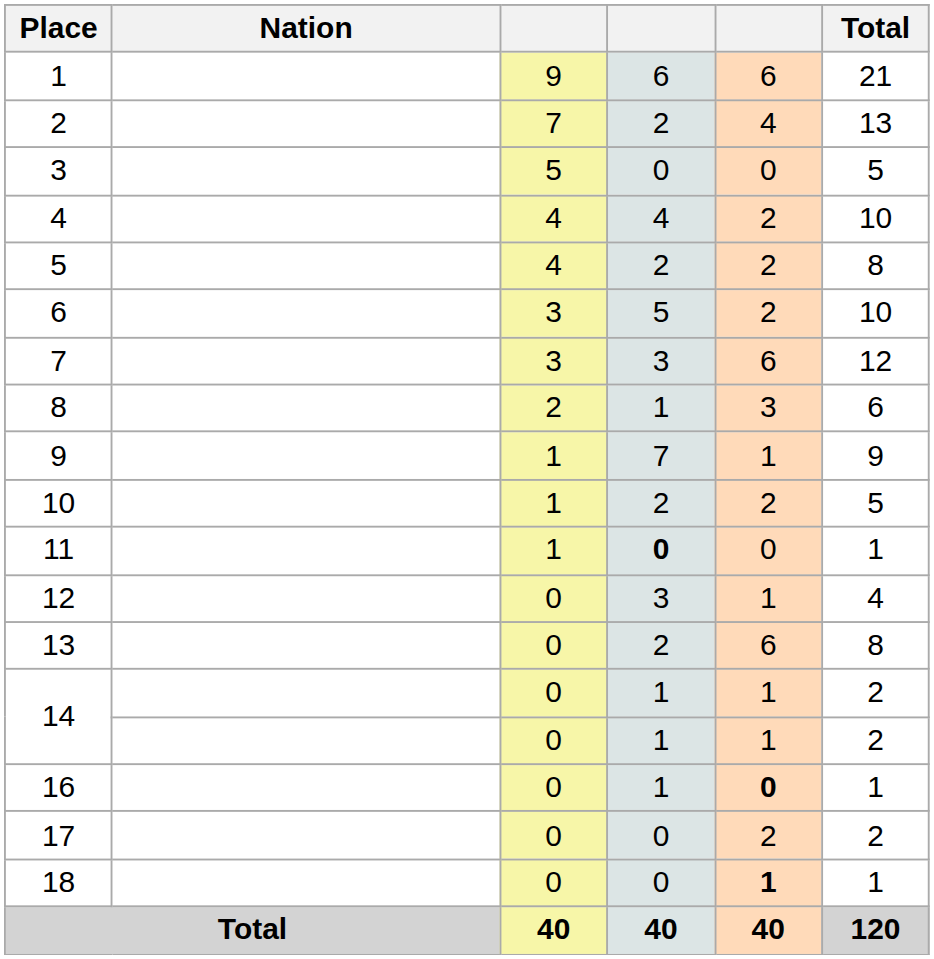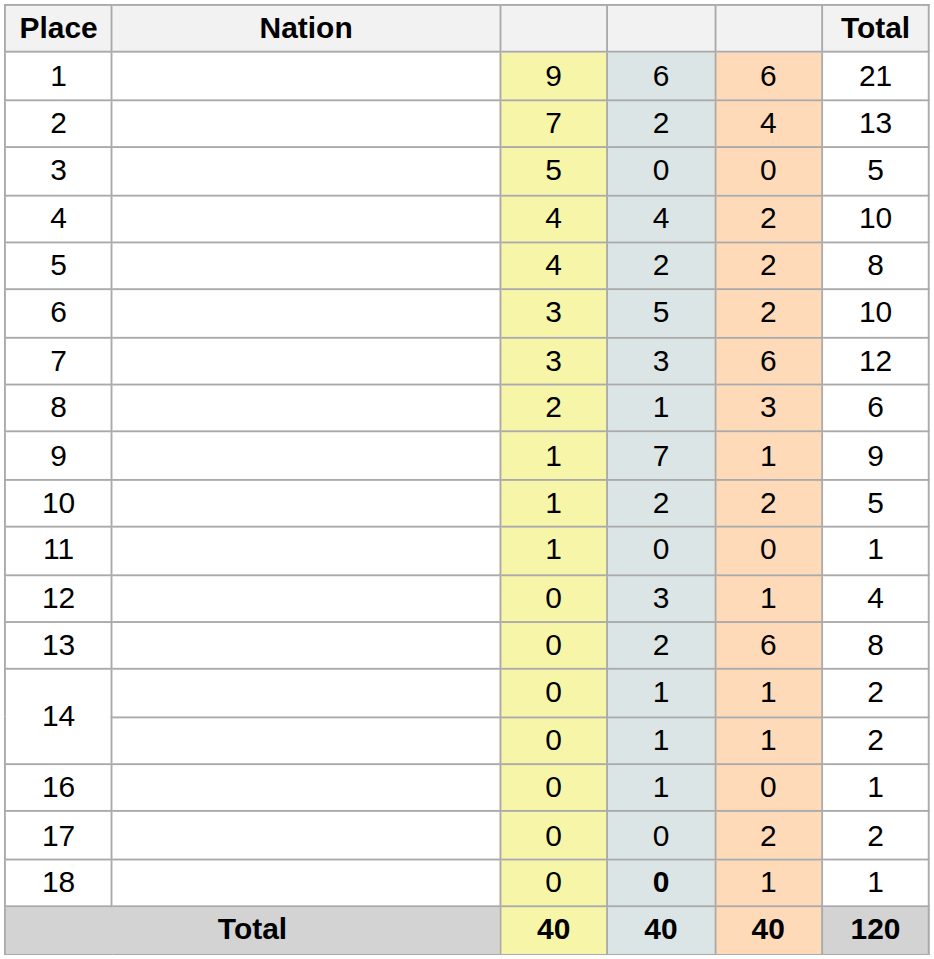 <table class="wikitable" style="border:1px solid #AAAAAA">
 <tr bgcolor="#EFEFEF">
 <th width=50>Place</th>
 <th width=200>Nation</th>
 <th width=50></th>
 <th width=50></th>
 <th width=50></th>
 <th width=50>Total</th>
 </tr>
 <tr align=center bgcolor="#FFFFFF">
 <td>1</td>
 <td align="left"></td>
 <td style="background:#F7F6A8;">9</td>
 <td style="background:#DCE5E5;">6</td>
 <td style="background:#FFDAB9;">6</td>
 <td>21</td>
 </tr>
 <tr align=center bgcolor="#FFFFFF">
 <td>2</td>
 <td align="left"></td>
 <td style="background:#F7F6A8;">7</td>
 <td style="background:#DCE5E5;">2</td>
 <td style="background:#FFDAB9;">4</td>
 <td>13</td>
 </tr>
 <tr align=center bgcolor="#FFFFFF">
 <td>3</td>
 <td align="left"></td>
 <td style="background:#F7F6A8;">5</td>
 <td style="background:#DCE5E5;">0</td>
 <td style="background:#FFDAB9;">0</td>
 <td>5</td>
 </tr>
 <tr align=center bgcolor="#FFFFFF">
 <td>4</td>
 <td align="left"></td>
 <td style="background:#F7F6A8;">4</td>
 <td style="background:#DCE5E5;">4</td>
 <td style="background:#FFDAB9;">2</td>
 <td>10</td>
 </tr>
 <tr align=center bgcolor="#FFFFFF">
 <td>5</td>
 <td align="left"></td>
 <td style="background:#F7F6A8;">4</td>
 <td style="background:#DCE5E5;">2</td>
 <td style="background:#FFDAB9;">2</td>
 <td>8</td>
 </tr>
 <tr align=center bgcolor="#FFFFFF">
 <td>6</td>
 <td align="left"></td>
 <td style="background:#F7F6A8;">3</td>
 <td style="background:#DCE5E5;">5</td>
 <td style="background:#FFDAB9;">2</td>
 <td>10</td>
 </tr>
 <tr align=center bgcolor="#FFFFFF">
 <td>7</td>
 <td align="left"></td>
 <td style="background:#F7F6A8;">3</td>
 <td style="background:#DCE5E5;">3</td>
 <td style="background:#FFDAB9;">6</td>
 <td>12</td>
 </tr>
 <tr align=center bgcolor="#FFFFFF">
 <td>8</td>
 <td align="left"></td>
 <td style="background:#F7F6A8;">2</td>
 <td style="background:#DCE5E5;">1</td>
 <td style="background:#FFDAB9;">3</td>
 <td>6</td>
 </tr>
 <tr align=center bgcolor="#FFFFFF">
 <td>9</td>
 <td align="left"></td>
 <td style="background:#F7F6A8;">1</td>
 <td style="background:#DCE5E5;">7</td>
 <td style="background:#FFDAB9;">1</td>
 <td>9</td>
 </tr>
 <tr align=center bgcolor="#FFFFFF">
 <td>10</td>
 <td align="left"></td>
 <td style="background:#F7F6A8;">1</td>
 <td style="background:#DCE5E5;">2</td>
 <td style="background:#FFDAB9;">2</td>
 <td>5</td>
 </tr>
 <tr align=center bgcolor="#FFFFFF">
 <td>11</td>
 <td align="left"></td>
 <td style="background:#F7F6A8;">1</td>
-<td style="background:#DCE5E5;"><strong>0</strong></td>
+<td style="background:#DCE5E5;">0</td>
 <td style="background:#FFDAB9;">0</td>
 <td>1</td>
 </tr>
 <tr align=center bgcolor="#FFFFFF">
 <td>12</td>
 <td align="left"></td>
 <td style="background:#F7F6A8;">0</td>
 <td style="background:#DCE5E5;">3</td>
 <td style="background:#FFDAB9;">1</td>
 <td>4</td>
 </tr>
 <tr align=center bgcolor="#FFFFFF">
 <td>13</td>
 <td align="left"></td>
 <td style="background:#F7F6A8;">0</td>
 <td style="background:#DCE5E5;">2</td>
 <td style="background:#FFDAB9;">6</td>
 <td>8</td>
 </tr>
 <tr align=center bgcolor="#FFFFFF">
 <td rowspan=2>14</td>
 <td align="left"></td>
 <td style="background:#F7F6A8;">0</td>
 <td style="background:#DCE5E5;">1</td>
 <td style="background:#FFDAB9;">1</td>
 <td>2</td>
 </tr>
 <tr align=center bgcolor="#FFFFFF">
 <td align="left"></td>
 <td style="background:#F7F6A8;">0</td>
 <td style="background:#DCE5E5;">1</td>
 <td style="background:#FFDAB9;">1</td>
 <td>2</td>
 </tr>
 <tr align=center bgcolor="#FFFFFF">
 <td>16</td>
 <td align="left"></td>
 <td style="background:#F7F6A8;">0</td>
 <td style="background:#DCE5E5;">1</td>
-<td style="background:#FFDAB9;"><strong>0</strong></td>
+<td style="background:#FFDAB9;">0</td>
 <td>1</td>
 </tr>
 <tr align=center bgcolor="#FFFFFF">
 <td>17</td>
 <td align="left"></td>
 <td style="background:#F7F6A8;">0</td>
 <td style="background:#DCE5E5;">0</td>
 <td style="background:#FFDAB9;">2</td>
 <td>2</td>
 </tr>
 <tr align=center bgcolor="#FFFFFF">
 <td>18</td>
 <td align="left"></td>
 <td style="background:#F7F6A8;">0</td>
-<td style="background:#DCE5E5;">0</td>
-<td style="background:#FFDAB9;"><strong>1</strong></td>
+<td style="background:#DCE5E5;"><strong>0</strong></td>
+<td style="background:#FFDAB9;">1</td>
 <td>1</td>
 </tr>
 <tr align="center">
 <td colspan="2" bgcolor=D3D3D3><strong>Total</strong></td>
 <td style="background:#F7F6A8;"><strong>40</strong></td>
 <td style="background:#DCE5E5;"><strong>40</strong></td>
 <td style="background:#FFDAB9;"><strong>40</strong></td>
 <td bgcolor=D3D3D3><strong>120</strong></td>
 </tr>
 </table>
